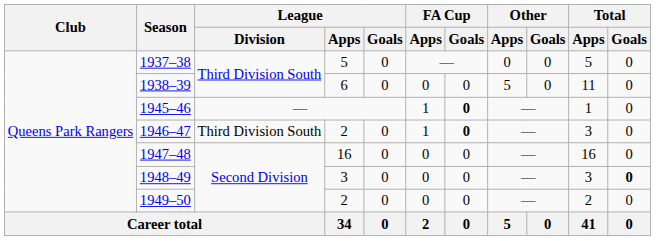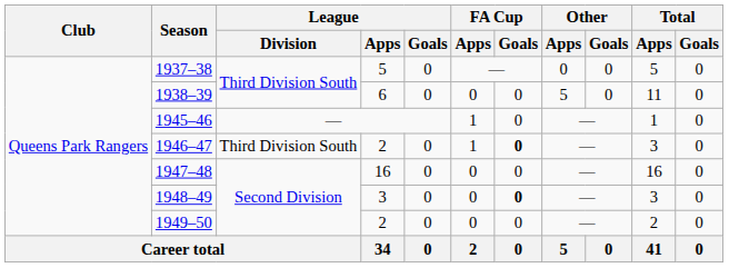 <table class="wikitable" style="text-align: center;">
 <tr>
 <th rowspan="2">Club</th>
 <th rowspan="2">Season</th>
 <th colspan="3">League</th>
 <th colspan="2">FA Cup</th>
 <th colspan="2">Other</th>
 <th colspan="2">Total</th>
 </tr>
 <tr>
 <th>Division</th>
 <th>Apps</th>
 <th>Goals</th>
 <th>Apps</th>
 <th>Goals</th>
 <th>Apps</th>
 <th>Goals</th>
 <th>Apps</th>
 <th>Goals</th>
 </tr>
 <tr>
 <td rowspan="7"><a href='#'>Queens Park Rangers</a></td>
 <td><a href='#'>1937–38</a></td>
 <td rowspan="2"><a href='#'>Third Division South</a></td>
 <td>5</td>
 <td>0</td>
 <td colspan="2">—</td>
 <td>0</td>
 <td>0</td>
 <td>5</td>
 <td>0</td>
 </tr>
 <tr>
 <td><a href='#'>1938–39</a></td>
 <td>6</td>
 <td>0</td>
 <td>0</td>
 <td>0</td>
 <td>5</td>
 <td>0</td>
 <td>11</td>
 <td>0</td>
 </tr>
 <tr>
 <td><a href='#'>1945–46</a></td>
 <td colspan="3">—</td>
 <td>1</td>
-<td><strong>0</strong></td>
+<td>0</td>
 <td colspan="2">—</td>
 <td>1</td>
 <td>0</td>
 </tr>
 <tr>
 <td><a href='#'>1946–47</a></td>
 <td>Third Division South</td>
 <td>2</td>
 <td>0</td>
 <td>1</td>
 <td><strong>0</strong></td>
 <td colspan="2">—</td>
 <td>3</td>
 <td>0</td>
 </tr>
 <tr>
 <td><a href='#'>1947–48</a></td>
 <td rowspan="3"><a href='#'>Second Division</a></td>
 <td>16</td>
 <td>0</td>
 <td>0</td>
 <td>0</td>
 <td colspan="2">—</td>
 <td>16</td>
 <td>0</td>
 </tr>
 <tr>
 <td><a href='#'>1948–49</a></td>
 <td>3</td>
 <td>0</td>
 <td>0</td>
-<td>0</td>
+<td><strong>0</strong></td>
 <td colspan="2">—</td>
 <td>3</td>
-<td><strong>0</strong></td>
+<td>0</td>
 </tr>
 <tr>
 <td><a href='#'>1949–50</a></td>
 <td>2</td>
 <td>0</td>
 <td>0</td>
 <td>0</td>
 <td colspan="2">—</td>
 <td>2</td>
 <td>0</td>
 </tr>
 <tr>
 <th colspan="3">Career total</th>
 <th>34</th>
 <th>0</th>
 <th>2</th>
 <th>0</th>
 <th>5</th>
 <th>0</th>
 <th>41</th>
 <th>0</th>
 </tr>
 </table>
